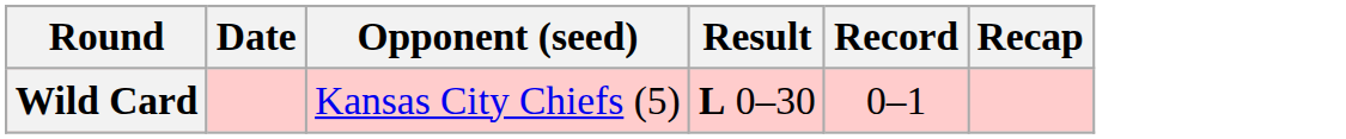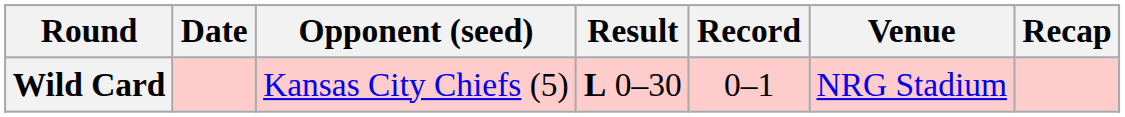 <table class="wikitable" style="text-align:center">
 <tr>
 <th>Round</th>
 <th>Date</th>
 <th>Opponent (seed)</th>
 <th>Result</th>
 <th>Record</th>
+<th>Venue</th>
 <th>Recap</th>
 </tr>
 <tr style="background:#fcc">
 <th>Wild Card</th>
 <td></td>
 <td><a href='#'>Kansas City Chiefs</a> (5)</td>
 <td><strong>L</strong> 0–30</td>
 <td>0–1</td>
+<td><a href='#'>NRG Stadium</a></td>
 <td></td>
 </tr>
 </table>
